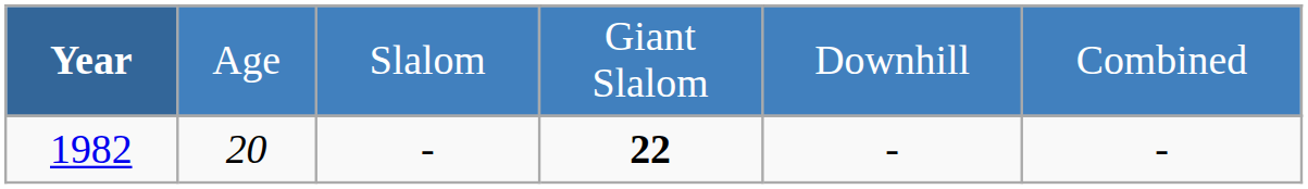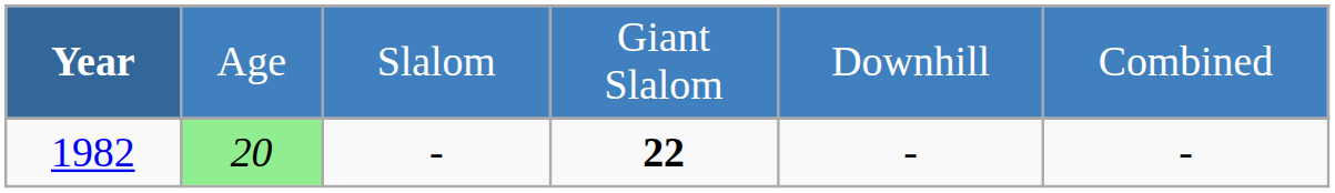 <table class="wikitable" style="font-size:100%; text-align:center; border:grey solid 1px; border-collapse:collapse;" width="40%">
 <tr style="background-color:#369; color:white;">
 <td rowspan="2" colspan="1" width="4%"><strong>Year</strong></td>
 </tr>
 <tr style="background-color:#4180be; color:white;">
 <td width="3%">Age</td>
 <td width="5%">Slalom</td>
 <td width="5%">Giant<br>Slalom</td>
 <td width="5%">Downhill</td>
 <td width="5%">Combined</td>
 </tr>
 <tr style="background-color:#8CB2D8; color:white;">
 </tr>
 <tr>
 <td><a href='#'>1982</a></td>
-<td><em>20</em></td>
+<td style="background: lightgreen;"><em>20</em></td>
 <td>-</td>
 <td><strong>22</strong></td>
 <td>-</td>
 <td>-</td>
 </tr>
 </table>
